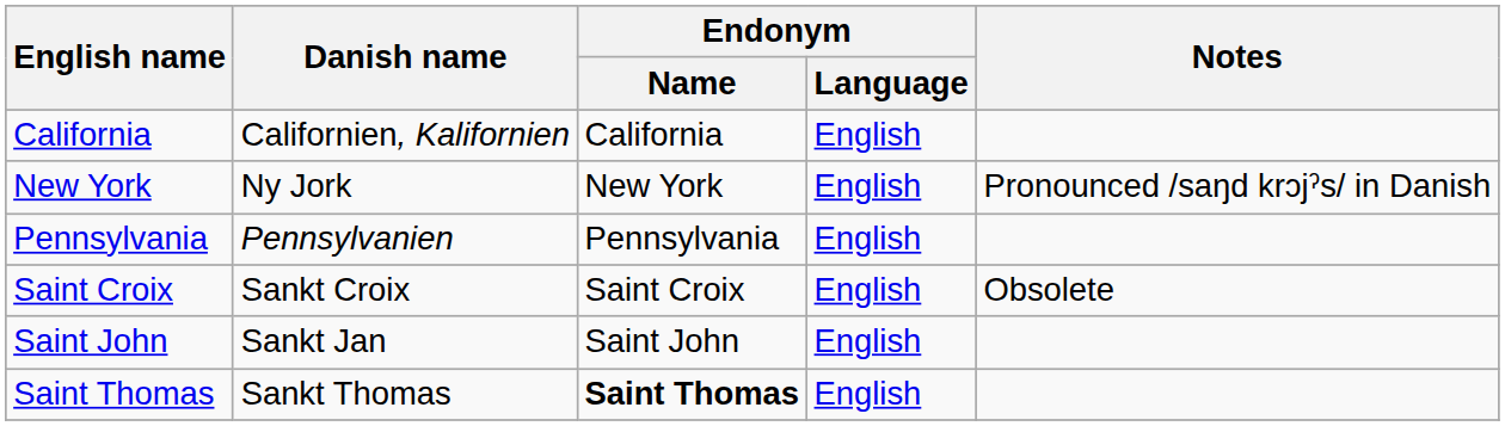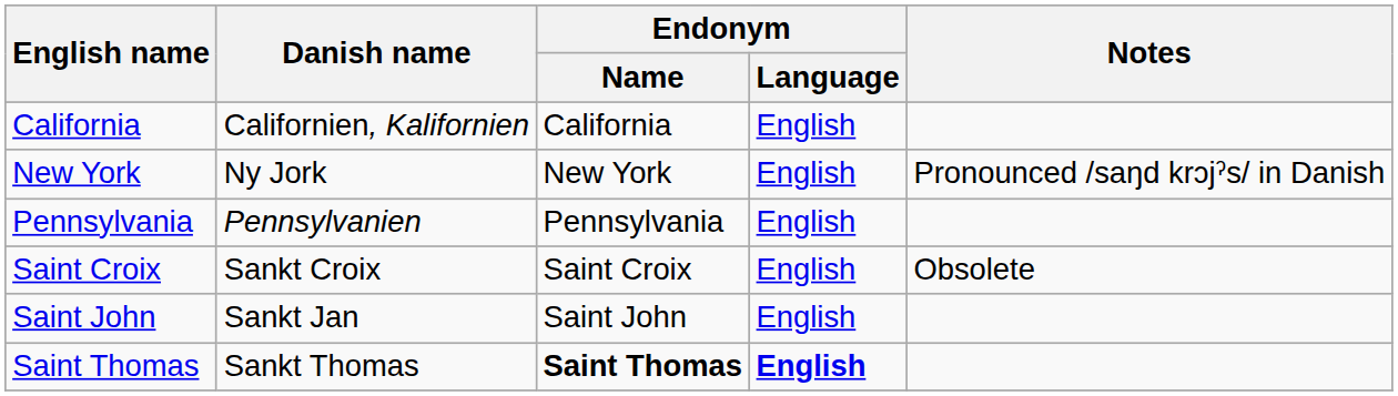 <table class="wikitable sortable mw-collapsible">
 <tr>
 <th rowspan="2">English name</th>
 <th rowspan="2">Danish name</th>
 <th colspan="2">Endonym</th>
 <th rowspan="2">Notes</th>
 </tr>
 <tr>
 <th>Name</th>
 <th>Language</th>
 </tr>
 <tr>
 <td><a href='#'>California</a></td>
 <td>Californien<em>, Kalifornien</em></td>
 <td>California</td>
 <td><a href='#'>English</a></td>
 <td></td>
 </tr>
 <tr>
 <td><a href='#'>New York</a></td>
 <td>Ny Jork</td>
 <td>New York</td>
 <td><a href='#'>English</a></td>
 <td>Pronounced /saŋd krɔjˀs/ in Danish</td>
 </tr>
 <tr>
 <td><a href='#'>Pennsylvania</a></td>
 <td><em>Pennsylvanien</em></td>
 <td>Pennsylvania</td>
 <td><a href='#'>English</a></td>
 <td></td>
 </tr>
 <tr>
 <td><a href='#'>Saint Croix</a></td>
 <td>Sankt Croix</td>
 <td>Saint Croix</td>
 <td><a href='#'>English</a></td>
 <td>Obsolete</td>
 </tr>
 <tr>
 <td><a href='#'>Saint John</a></td>
 <td>Sankt Jan</td>
 <td>Saint John</td>
 <td><a href='#'>English</a></td>
 <td></td>
 </tr>
 <tr>
 <td><a href='#'>Saint Thomas</a></td>
 <td>Sankt Thomas</td>
 <td><strong>Saint Thomas</strong></td>
-<td><a href='#'>English</a></td>
+<td><strong><a href='#'>English</a></strong></td>
 <td></td>
 </tr>
 </table>
